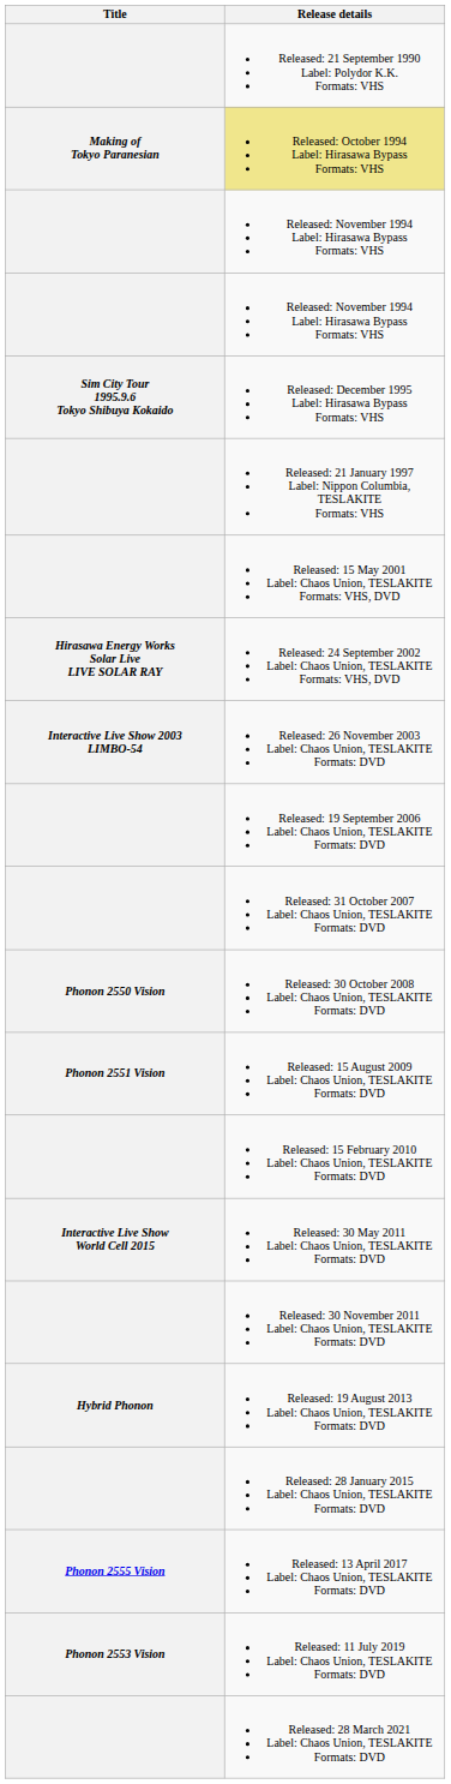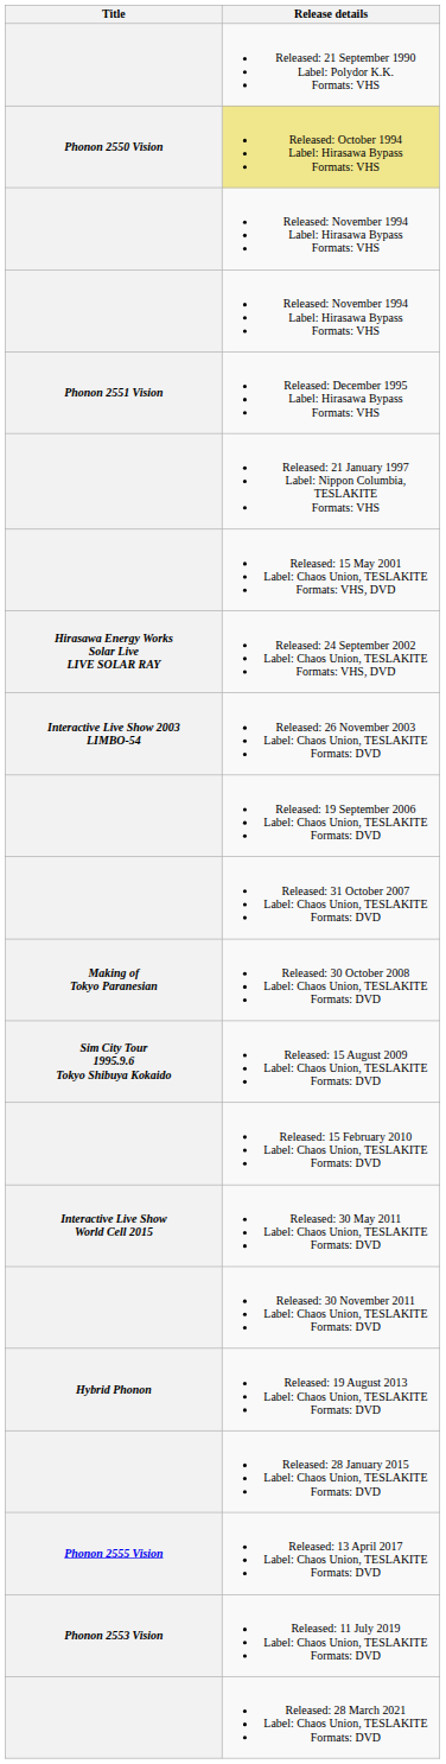 <table class="wikitable plainrowheaders" style="text-align:center;">
 <tr>
 <th scope="col" style="width:18em;">Title</th>
 <th scope="col" style="width:18em;">Release details</th>
 </tr>
 <tr>
 <th scope="row"></th>
 <td><br><ul><li>Released: 21 September 1990</li><li>Label: Polydor K.K.</li><li>Formats: VHS</li></ul></td>
 </tr>
 <tr>
-<th scope="row"><em>Making of<br>Tokyo Paranesian</em></th>
+<th scope="row"><em>Phonon 2550 Vision</em></th>
 <td style="background: khaki;"><br><ul><li>Released: October 1994</li><li>Label: Hirasawa Bypass</li><li>Formats: VHS</li></ul></td>
 </tr>
 <tr>
 <th scope="row"></th>
 <td><br><ul><li>Released: November 1994</li><li>Label: Hirasawa Bypass</li><li>Formats: VHS</li></ul></td>
 </tr>
 <tr>
 <th scope="row"></th>
 <td><br><ul><li>Released: November 1994</li><li>Label: Hirasawa Bypass</li><li>Formats: VHS</li></ul></td>
 </tr>
 <tr>
-<th scope="row"><em>Sim City Tour<br>1995.9.6<br>Tokyo Shibuya Kokaido</em></th>
+<th scope="row"><em>Phonon 2551 Vision</em></th>
 <td><br><ul><li>Released: December 1995</li><li>Label: Hirasawa Bypass</li><li>Formats: VHS</li></ul></td>
 </tr>
 <tr>
 <th scope="row"></th>
 <td><br><ul><li>Released: 21 January 1997</li><li>Label: Nippon Columbia, TESLAKITE</li><li>Formats: VHS</li></ul></td>
 </tr>
 <tr>
 <th scope="row"></th>
 <td><br><ul><li>Released: 15 May 2001</li><li>Label: Chaos Union, TESLAKITE</li><li>Formats: VHS, DVD</li></ul></td>
 </tr>
 <tr>
 <th scope="row"><em>Hirasawa Energy Works<br>Solar Live<br>LIVE SOLAR RAY</em></th>
 <td><br><ul><li>Released: 24 September 2002</li><li>Label: Chaos Union, TESLAKITE</li><li>Formats: VHS, DVD</li></ul></td>
 </tr>
 <tr>
 <th scope="row"><em>Interactive Live Show 2003<br>LIMBO-54</em></th>
 <td><br><ul><li>Released: 26 November 2003</li><li>Label: Chaos Union, TESLAKITE</li><li>Formats: DVD</li></ul></td>
 </tr>
 <tr>
 <th scope="row"></th>
 <td><br><ul><li>Released: 19 September 2006</li><li>Label: Chaos Union, TESLAKITE</li><li>Formats: DVD</li></ul></td>
 </tr>
 <tr>
 <th scope="row"></th>
 <td><br><ul><li>Released: 31 October 2007</li><li>Label: Chaos Union, TESLAKITE</li><li>Formats: DVD</li></ul></td>
 </tr>
 <tr>
-<th scope="row"><em>Phonon 2550 Vision</em></th>
+<th scope="row"><em>Making of<br>Tokyo Paranesian</em></th>
 <td><br><ul><li>Released: 30 October 2008</li><li>Label: Chaos Union, TESLAKITE</li><li>Formats: DVD</li></ul></td>
 </tr>
 <tr>
-<th scope="row"><em>Phonon 2551 Vision</em></th>
+<th scope="row"><em>Sim City Tour<br>1995.9.6<br>Tokyo Shibuya Kokaido</em></th>
 <td><br><ul><li>Released: 15 August 2009</li><li>Label: Chaos Union, TESLAKITE</li><li>Formats: DVD</li></ul></td>
 </tr>
 <tr>
 <th scope="row"></th>
 <td><br><ul><li>Released: 15 February 2010</li><li>Label: Chaos Union, TESLAKITE</li><li>Formats: DVD</li></ul></td>
 </tr>
 <tr>
 <th scope="row"><em>Interactive Live Show<br>World Cell 2015</em></th>
 <td><br><ul><li>Released: 30 May 2011</li><li>Label: Chaos Union, TESLAKITE</li><li>Formats: DVD</li></ul></td>
 </tr>
 <tr>
 <th scope="row"></th>
 <td><br><ul><li>Released: 30 November 2011</li><li>Label: Chaos Union, TESLAKITE</li><li>Formats: DVD</li></ul></td>
 </tr>
 <tr>
 <th scope="row"><em>Hybrid Phonon</em></th>
 <td><br><ul><li>Released: 19 August 2013</li><li>Label: Chaos Union, TESLAKITE</li><li>Formats: DVD</li></ul></td>
 </tr>
 <tr>
 <th scope="row"></th>
 <td><br><ul><li>Released: 28 January 2015</li><li>Label: Chaos Union, TESLAKITE</li><li>Formats: DVD</li></ul></td>
 </tr>
 <tr>
 <th scope="row"><em><a href='#'>Phonon 2555 Vision</a></em></th>
 <td><br><ul><li>Released: 13 April 2017</li><li>Label: Chaos Union, TESLAKITE</li><li>Formats: DVD</li></ul></td>
 </tr>
 <tr>
 <th scope="row"><em>Phonon 2553 Vision</em></th>
 <td><br><ul><li>Released: 11 July 2019</li><li>Label: Chaos Union, TESLAKITE</li><li>Formats: DVD</li></ul></td>
 </tr>
 <tr>
 <th scope="row"></th>
 <td><br><ul><li>Released: 28 March 2021</li><li>Label: Chaos Union, TESLAKITE</li><li>Formats: DVD</li></ul></td>
 </tr>
 </table>
